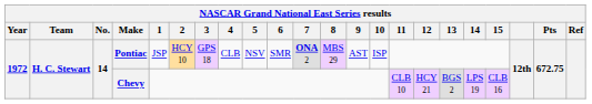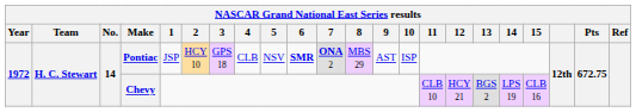 <table class="wikitable" style="text-align:center; font-size:75%">
 <tr>
 <th colspan=69><a href='#'>NASCAR Grand National East Series</a> results</th>
 </tr>
 <tr>
 <th>Year</th>
 <th>Team</th>
 <th>No.</th>
 <th>Make</th>
 <th>1</th>
 <th>2</th>
 <th>3</th>
 <th>4</th>
 <th>5</th>
 <th>6</th>
 <th>7</th>
 <th>8</th>
 <th>9</th>
 <th>10</th>
 <th>11</th>
 <th>12</th>
 <th>13</th>
 <th>14</th>
 <th>15</th>
 <th></th>
 <th>Pts</th>
 <th>Ref</th>
 </tr>
 <tr>
 <th rowspan=2><a href='#'>1972</a></th>
 <th rowspan=2><a href='#'>H. C. Stewart</a></th>
 <th rowspan=2>14</th>
 <th><a href='#'>Pontiac</a></th>
 <td><a href='#'>JSP</a></td>
 <td style="background:#FFDF9F;"><a href='#'>HCY</a> <br><small>10</small></td>
 <td style="background:#EFCFFF;"><a href='#'>GPS</a> <br><small>18</small></td>
 <td><a href='#'>CLB</a></td>
 <td><a href='#'>NSV</a></td>
-<td><a href='#'>SMR</a></td>
+<td><strong><a href='#'>SMR</a></strong></td>
 <td style="background:#DFDFDF;"><strong><a href='#'>ONA</a></strong> <br><small>2</small></td>
 <td style="background:#EFCFFF;"><a href='#'>MBS</a> <br><small>29</small></td>
 <td><a href='#'>AST</a></td>
 <td><a href='#'>ISP</a></td>
 <td colspan=5></td>
 <th rowspan=2>12th</th>
 <th rowspan=2>672.75</th>
 <th rowspan=2></th>
 </tr>
 <tr>
 <th><a href='#'>Chevy</a></th>
 <td colspan=10></td>
 <td style="background:#EFCFFF;"><a href='#'>CLB</a> <br><small>10</small></td>
 <td style="background:#EFCFFF;"><a href='#'>HCY</a> <br><small>21</small></td>
 <td style="background:#DFDFDF;"><a href='#'>BGS</a> <br><small>2</small></td>
 <td style="background:#EFCFFF;"><a href='#'>LPS</a> <br><small>19</small></td>
 <td style="background:#EFCFFF;"><a href='#'>CLB</a> <br><small>16</small></td>
 </tr>
 </table>
